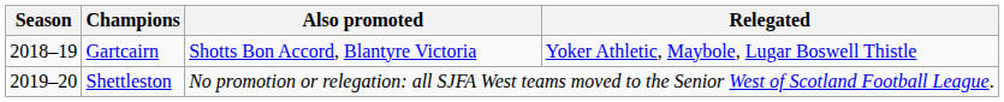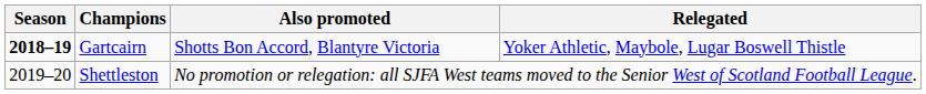 <table class="wikitable" style="text-align:left;">
 <tr>
 <th>Season</th>
 <th>Champions</th>
 <th>Also promoted</th>
 <th>Relegated</th>
 </tr>
 <tr>
-<td style="text-align:left;">2018–19</td>
+<td style="text-align:left;"><strong>2018–19</strong></td>
 <td><a href='#'>Gartcairn</a></td>
 <td><a href='#'>Shotts Bon Accord</a>, <a href='#'>Blantyre Victoria</a></td>
 <td><a href='#'>Yoker Athletic</a>, <a href='#'>Maybole</a>, <a href='#'>Lugar Boswell Thistle</a></td>
 </tr>
 <tr>
 <td style="text-align:left;">2019–20</td>
 <td><a href='#'>Shettleston</a></td>
 <td colspan=3><em>No promotion or relegation: all SJFA West teams moved to the Senior <a href='#'>West of Scotland Football League</a></em>.</td>
 </tr>
 </table>
